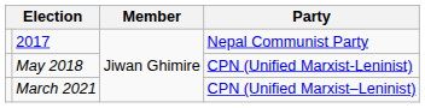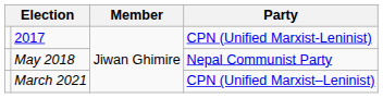 <table class="wikitable">
 <tr>
 <th colspan="2">Election</th>
 <th>Member</th>
 <th>Party</th>
 </tr>
 <tr>
 <td style="background-color:"></td>
 <td><a href='#'>2017</a></td>
 <td rowspan="3">Jiwan Ghimire</td>
-<td><a href='#'>Nepal Communist Party</a></td>
+<td><a href='#'>CPN (Unified Marxist-Leninist)</a></td>
 </tr>
 <tr>
 <td style="background-color:"></td>
 <td><em>May 2018</em></td>
-<td><a href='#'>CPN (Unified Marxist-Leninist)</a></td>
+<td><a href='#'>Nepal Communist Party</a></td>
 </tr>
 <tr>
 <td style="background-color:"></td>
 <td><em>March 2021</em></td>
 <td><a href='#'>CPN (Unified Marxist–Leninist)</a></td>
 </tr>
 </table>
